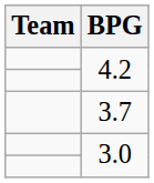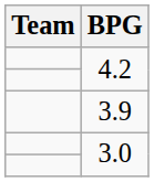 <table class=wikitable>
 <tr>
 <th>Team</th>
 <th>BPG</th>
 </tr>
 <tr>
 <td></td>
 <td align=center rowspan=2>4.2</td>
 </tr>
 <tr>
 <td></td>
 </tr>
 <tr>
 <td></td>
-<td align=center>3.7</td>
+<td align=center>3.9</td>
 </tr>
 <tr>
 <td></td>
 <td align=center rowspan=2>3.0</td>
 </tr>
 <tr>
 <td></td>
 </tr>
 </table>
